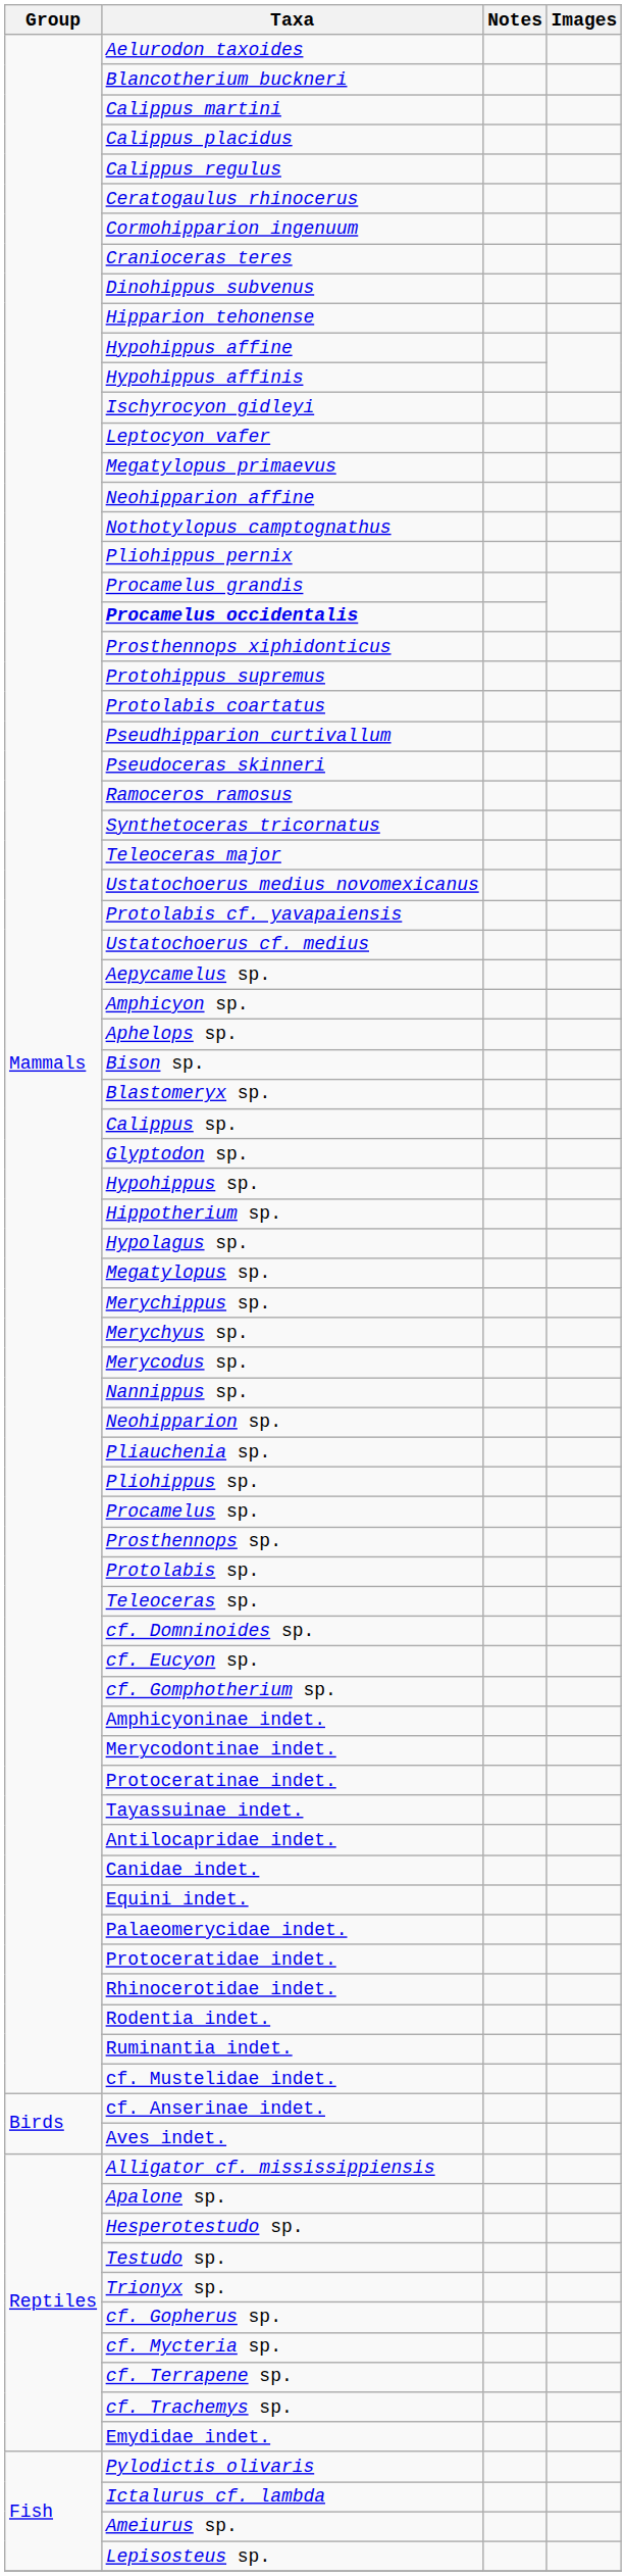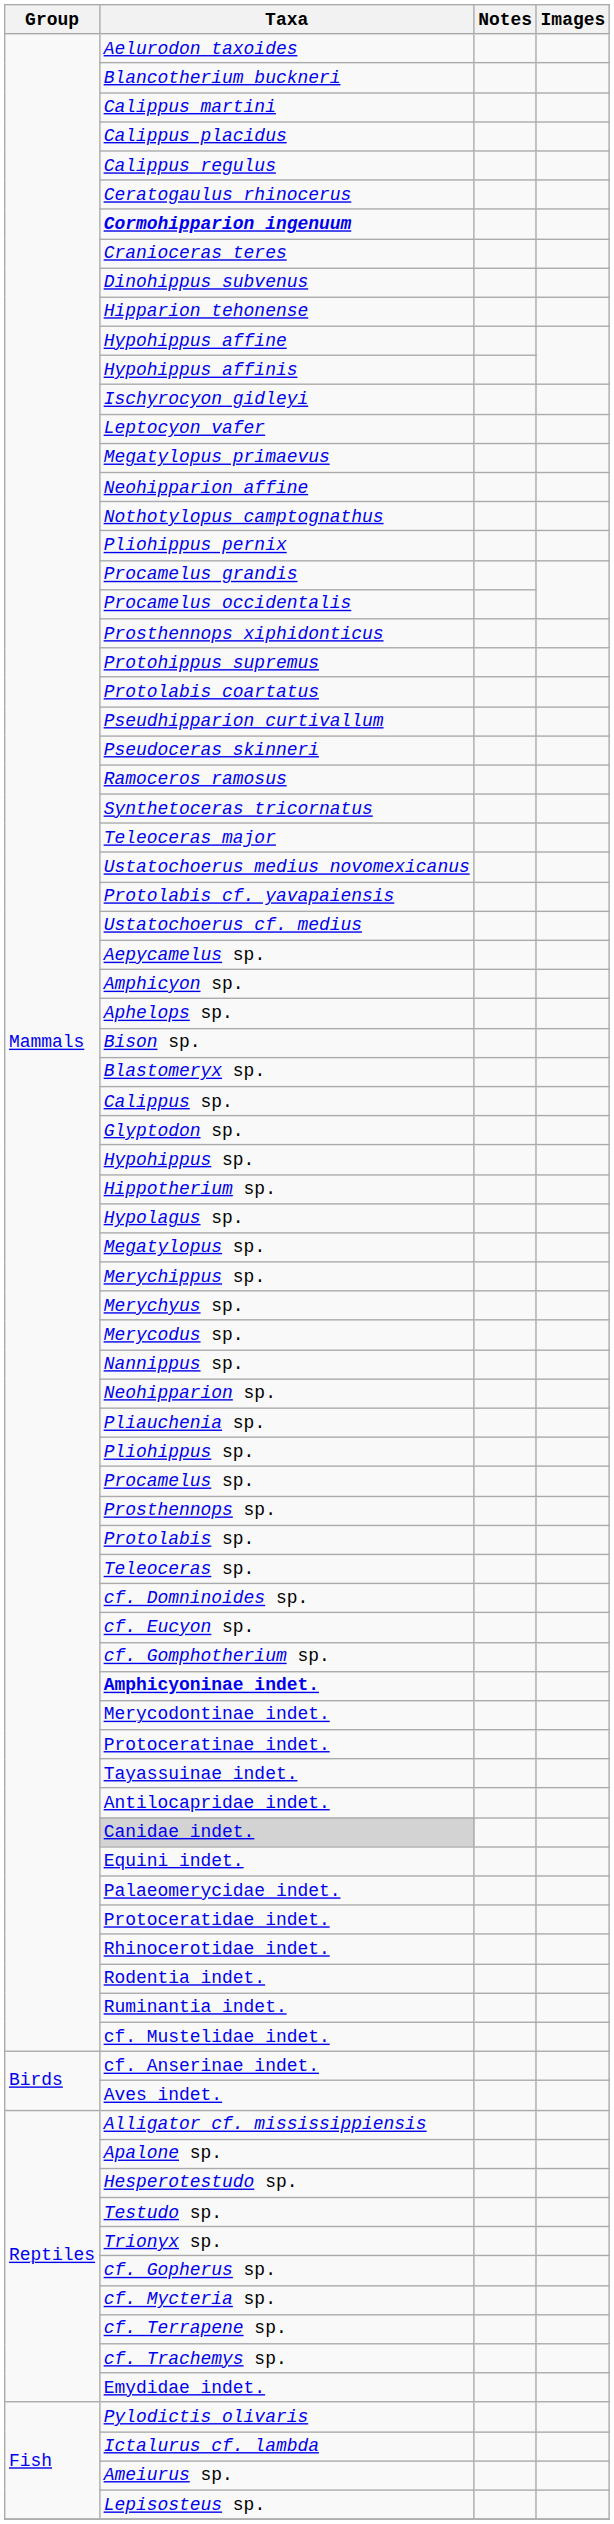 <table class="wikitable sortable">
 <tr>
 <th>Group</th>
 <th>Taxa</th>
 <th>Notes</th>
 <th>Images</th>
 </tr>
 <tr>
 <td rowspan=69><a href='#'>Mammals</a></td>
 <td><em><a href='#'>Aelurodon taxoides</a></em></td>
 <td align=center></td>
 <td></td>
 </tr>
 <tr>
 <td><em><a href='#'>Blancotherium buckneri</a></em></td>
 <td align=center></td>
 <td></td>
 </tr>
 <tr>
 <td><em><a href='#'>Calippus martini</a></em></td>
 <td align=center></td>
 <td></td>
 </tr>
 <tr>
 <td><em><a href='#'>Calippus placidus</a></em></td>
 <td align=center></td>
 <td></td>
 </tr>
 <tr>
 <td><em><a href='#'>Calippus regulus</a></em></td>
 <td align=center></td>
 <td></td>
 </tr>
 <tr>
 <td><em><a href='#'>Ceratogaulus rhinocerus</a></em></td>
 <td align=center></td>
 <td></td>
 </tr>
 <tr>
-<td><em><a href='#'>Cormohipparion ingenuum</a></em></td>
+<td><strong><em><a href='#'>Cormohipparion ingenuum</a></em></strong></td>
 <td align=center></td>
 <td></td>
 </tr>
 <tr>
 <td><em><a href='#'>Cranioceras teres</a></em></td>
 <td align=center></td>
 <td></td>
 </tr>
 <tr>
 <td><em><a href='#'>Dinohippus subvenus</a></em></td>
 <td align=center></td>
 <td></td>
 </tr>
 <tr>
 <td><em><a href='#'>Hipparion tehonense</a></em></td>
 <td align=center></td>
 <td></td>
 </tr>
 <tr>
 <td><em><a href='#'>Hypohippus affine</a></em></td>
 <td align=center></td>
 <td rowspan=2></td>
 </tr>
 <tr>
 <td><em><a href='#'>Hypohippus affinis</a></em></td>
 <td align=center></td>
 </tr>
 <tr>
 <td><em><a href='#'>Ischyrocyon gidleyi</a></em></td>
 <td align=center></td>
 <td></td>
 </tr>
 <tr>
 <td><em><a href='#'>Leptocyon vafer</a></em></td>
 <td align=center></td>
 <td></td>
 </tr>
 <tr>
 <td><em><a href='#'>Megatylopus primaevus</a></em></td>
 <td align=center></td>
 <td></td>
 </tr>
 <tr>
 <td><em><a href='#'>Neohipparion affine</a></em></td>
 <td align=center></td>
 <td></td>
 </tr>
 <tr>
 <td><em><a href='#'>Nothotylopus camptognathus</a></em></td>
 <td align=center></td>
 <td></td>
 </tr>
 <tr>
 <td><em><a href='#'>Pliohippus pernix</a></em></td>
 <td align=center></td>
 <td></td>
 </tr>
 <tr>
 <td><em><a href='#'>Procamelus grandis</a></em></td>
 <td align=center></td>
 <td rowspan=2></td>
 </tr>
 <tr>
-<td><strong><em><a href='#'>Procamelus occidentalis</a></em></strong></td>
+<td><em><a href='#'>Procamelus occidentalis</a></em></td>
 <td align=center></td>
 </tr>
 <tr>
 <td><em><a href='#'>Prosthennops xiphidonticus</a></em></td>
 <td align=center></td>
 <td></td>
 </tr>
 <tr>
 <td><em><a href='#'>Protohippus supremus</a></em></td>
 <td align=center></td>
 <td></td>
 </tr>
 <tr>
 <td><em><a href='#'>Protolabis coartatus</a></em></td>
 <td align=center></td>
 <td></td>
 </tr>
 <tr>
 <td><em><a href='#'>Pseudhipparion curtivallum</a></em></td>
 <td align=center></td>
 <td></td>
 </tr>
 <tr>
 <td><em><a href='#'>Pseudoceras skinneri</a></em></td>
 <td align=center></td>
 <td></td>
 </tr>
 <tr>
 <td><em><a href='#'>Ramoceros ramosus</a></em></td>
 <td align=center></td>
 <td></td>
 </tr>
 <tr>
 <td><em><a href='#'>Synthetoceras tricornatus</a></em></td>
 <td align=center></td>
 <td></td>
 </tr>
 <tr>
 <td><em><a href='#'>Teleoceras major</a></em></td>
 <td align=center></td>
 <td></td>
 </tr>
 <tr>
 <td><em><a href='#'>Ustatochoerus medius novomexicanus</a></em></td>
 <td align=center></td>
 <td></td>
 </tr>
 <tr>
 <td><em><a href='#'>Protolabis cf. yavapaiensis</a></em></td>
 <td align=center></td>
 <td></td>
 </tr>
 <tr>
 <td><em><a href='#'>Ustatochoerus cf. medius</a></em></td>
 <td align=center></td>
 <td></td>
 </tr>
 <tr>
 <td><em><a href='#'>Aepycamelus</a></em> sp.</td>
 <td align=center></td>
 <td></td>
 </tr>
 <tr>
 <td><em><a href='#'>Amphicyon</a></em> sp.</td>
 <td align=center></td>
 <td></td>
 </tr>
 <tr>
 <td><em><a href='#'>Aphelops</a></em> sp.</td>
 <td align=center></td>
 <td></td>
 </tr>
 <tr>
 <td><em><a href='#'>Bison</a></em> sp.</td>
 <td align=center></td>
 <td></td>
 </tr>
 <tr>
 <td><em><a href='#'>Blastomeryx</a></em> sp.</td>
 <td align=center></td>
 <td></td>
 </tr>
 <tr>
 <td><em><a href='#'>Calippus</a></em> sp.</td>
 <td align=center></td>
 <td></td>
 </tr>
 <tr>
 <td><em><a href='#'>Glyptodon</a></em> sp.</td>
 <td align=center></td>
 <td></td>
 </tr>
 <tr>
 <td><em><a href='#'>Hypohippus</a></em> sp.</td>
 <td align=center></td>
 <td></td>
 </tr>
 <tr>
 <td><em><a href='#'>Hippotherium</a></em> sp.</td>
 <td align=center></td>
 <td></td>
 </tr>
 <tr>
 <td><em><a href='#'>Hypolagus</a></em> sp.</td>
 <td align=center></td>
 <td></td>
 </tr>
 <tr>
 <td><em><a href='#'>Megatylopus</a></em> sp.</td>
 <td align=center></td>
 <td></td>
 </tr>
 <tr>
 <td><em><a href='#'>Merychippus</a></em> sp.</td>
 <td align=center></td>
 <td></td>
 </tr>
 <tr>
 <td><em><a href='#'>Merychyus</a></em> sp.</td>
 <td align=center></td>
 <td></td>
 </tr>
 <tr>
 <td><em><a href='#'>Merycodus</a></em> sp.</td>
 <td align=center></td>
 <td></td>
 </tr>
 <tr>
 <td><em><a href='#'>Nannippus</a></em> sp.</td>
 <td align=center></td>
 <td></td>
 </tr>
 <tr>
 <td><em><a href='#'>Neohipparion</a></em> sp.</td>
 <td align=center></td>
 <td></td>
 </tr>
 <tr>
 <td><em><a href='#'>Pliauchenia</a></em> sp.</td>
 <td align=center></td>
 <td></td>
 </tr>
 <tr>
 <td><em><a href='#'>Pliohippus</a></em> sp.</td>
 <td align=center></td>
 <td></td>
 </tr>
 <tr>
 <td><em><a href='#'>Procamelus</a></em> sp.</td>
 <td align=center></td>
 <td></td>
 </tr>
 <tr>
 <td><em><a href='#'>Prosthennops</a></em> sp.</td>
 <td align=center></td>
 <td></td>
 </tr>
 <tr>
 <td><em><a href='#'>Protolabis</a></em> sp.</td>
 <td align=center></td>
 <td></td>
 </tr>
 <tr>
 <td><em><a href='#'>Teleoceras</a></em> sp.</td>
 <td align=center></td>
 <td></td>
 </tr>
 <tr>
 <td><em><a href='#'>cf. Domninoides</a></em> sp.</td>
 <td align=center></td>
 <td></td>
 </tr>
 <tr>
 <td><em><a href='#'>cf. Eucyon</a></em> sp.</td>
 <td align=center></td>
 <td></td>
 </tr>
 <tr>
 <td><em><a href='#'>cf. Gomphotherium</a></em> sp.</td>
 <td align=center></td>
 <td></td>
 </tr>
 <tr>
-<td><a href='#'>Amphicyoninae indet.</a></td>
+<td><strong><a href='#'>Amphicyoninae indet.</a></strong></td>
 <td align=center></td>
 <td></td>
 </tr>
 <tr>
 <td><a href='#'>Merycodontinae indet.</a></td>
 <td align=center></td>
 <td></td>
 </tr>
 <tr>
 <td><a href='#'>Protoceratinae indet.</a></td>
 <td align=center></td>
 <td></td>
 </tr>
 <tr>
 <td><a href='#'>Tayassuinae indet.</a></td>
 <td align=center></td>
 <td></td>
 </tr>
 <tr>
 <td><a href='#'>Antilocapridae indet.</a></td>
 <td align=center></td>
 <td></td>
 </tr>
 <tr>
-<td><a href='#'>Canidae indet.</a></td>
+<td style="background: lightgrey;"><a href='#'>Canidae indet.</a></td>
 <td align=center></td>
 <td></td>
 </tr>
 <tr>
 <td><a href='#'>Equini indet.</a></td>
 <td align=center></td>
 <td></td>
 </tr>
 <tr>
 <td><a href='#'>Palaeomerycidae indet.</a></td>
 <td align=center></td>
 <td></td>
 </tr>
 <tr>
 <td><a href='#'>Protoceratidae indet.</a></td>
 <td align=center></td>
 <td></td>
 </tr>
 <tr>
 <td><a href='#'>Rhinocerotidae indet.</a></td>
 <td align=center></td>
 <td></td>
 </tr>
 <tr>
 <td><a href='#'>Rodentia indet.</a></td>
 <td align=center></td>
 <td></td>
 </tr>
 <tr>
 <td><a href='#'>Ruminantia indet.</a></td>
 <td align=center></td>
 <td></td>
 </tr>
 <tr>
 <td><a href='#'>cf. Mustelidae indet.</a></td>
 <td align=center></td>
 <td></td>
 </tr>
 <tr>
 <td rowspan=2><a href='#'>Birds</a></td>
 <td><a href='#'>cf. Anserinae indet.</a></td>
 <td align=center></td>
 <td></td>
 </tr>
 <tr>
 <td><a href='#'>Aves indet.</a></td>
 <td align=center></td>
 <td></td>
 </tr>
 <tr>
 <td rowspan=10><a href='#'>Reptiles</a></td>
 <td><em><a href='#'>Alligator cf. mississippiensis</a></em></td>
 <td align=center></td>
 <td></td>
 </tr>
 <tr>
 <td><em><a href='#'>Apalone</a></em> sp.</td>
 <td align=center></td>
 <td></td>
 </tr>
 <tr>
 <td><em><a href='#'>Hesperotestudo</a></em> sp.</td>
 <td align=center></td>
 <td></td>
 </tr>
 <tr>
 <td><em><a href='#'>Testudo</a></em> sp.</td>
 <td align=center></td>
 <td></td>
 </tr>
 <tr>
 <td><em><a href='#'>Trionyx</a></em> sp.</td>
 <td align=center></td>
 <td></td>
 </tr>
 <tr>
 <td><em><a href='#'>cf. Gopherus</a></em> sp.</td>
 <td align=center></td>
 <td></td>
 </tr>
 <tr>
 <td><em><a href='#'>cf. Mycteria</a></em> sp.</td>
 <td align=center></td>
 <td></td>
 </tr>
 <tr>
 <td><em><a href='#'>cf. Terrapene</a></em> sp.</td>
 <td align=center></td>
 <td></td>
 </tr>
 <tr>
 <td><em><a href='#'>cf. Trachemys</a></em> sp.</td>
 <td align=center></td>
 <td></td>
 </tr>
 <tr>
 <td><a href='#'>Emydidae indet.</a></td>
 <td align=center></td>
 <td></td>
 </tr>
 <tr>
 <td rowspan=4><a href='#'>Fish</a></td>
 <td><em><a href='#'>Pylodictis olivaris</a></em></td>
 <td align=center></td>
 <td></td>
 </tr>
 <tr>
 <td><em><a href='#'>Ictalurus cf. lambda</a></em></td>
 <td align=center></td>
 <td></td>
 </tr>
 <tr>
 <td><em><a href='#'>Ameiurus</a></em> sp.</td>
 <td align=center></td>
 <td></td>
 </tr>
 <tr>
 <td><em><a href='#'>Lepisosteus</a></em> sp.</td>
 <td align=center></td>
 <td></td>
 </tr>
 <tr>
 </tr>
 </table>
